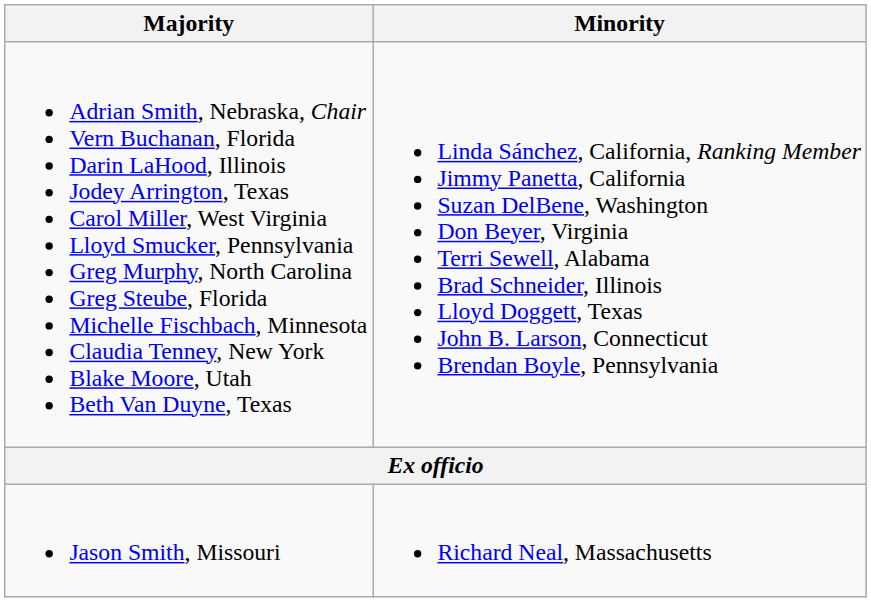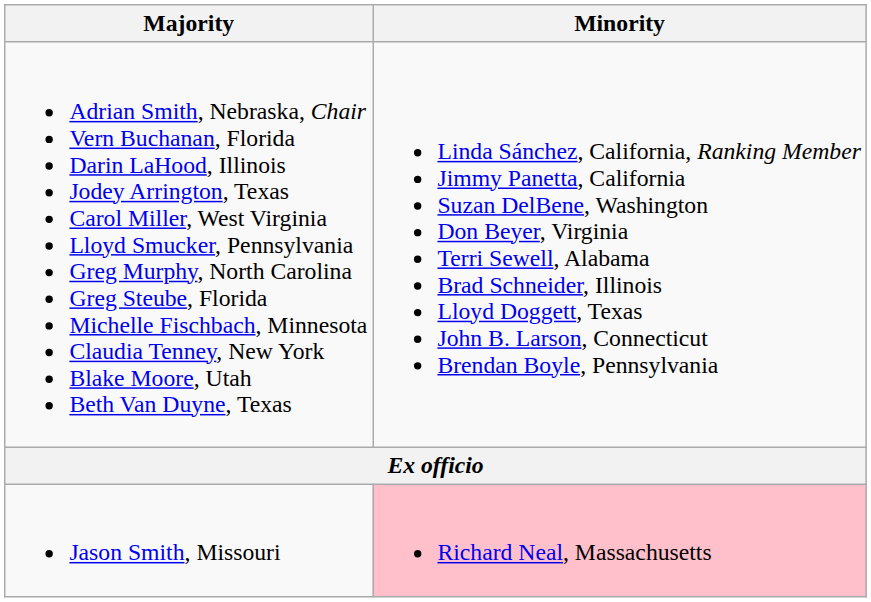 <table class=wikitable>
 <tr>
 <th>Majority</th>
 <th>Minority</th>
 </tr>
 <tr>
 <td><br><ul><li><a href='#'>Adrian Smith</a>, Nebraska, <em>Chair</em></li><li><a href='#'>Vern Buchanan</a>, Florida</li><li><a href='#'>Darin LaHood</a>, Illinois</li><li><a href='#'>Jodey Arrington</a>, Texas</li><li><a href='#'>Carol Miller</a>, West Virginia</li><li><a href='#'>Lloyd Smucker</a>, Pennsylvania</li><li><a href='#'>Greg Murphy</a>, North Carolina</li><li><a href='#'>Greg Steube</a>, Florida</li><li><a href='#'>Michelle Fischbach</a>, Minnesota</li><li><a href='#'>Claudia Tenney</a>, New York</li><li><a href='#'>Blake Moore</a>, Utah</li><li><a href='#'>Beth Van Duyne</a>, Texas</li></ul></td>
 <td><br><ul><li><a href='#'>Linda Sánchez</a>, California, <em>Ranking Member</em></li><li><a href='#'>Jimmy Panetta</a>, California</li><li><a href='#'>Suzan DelBene</a>, Washington</li><li><a href='#'>Don Beyer</a>, Virginia</li><li><a href='#'>Terri Sewell</a>, Alabama</li><li><a href='#'>Brad Schneider</a>, Illinois</li><li><a href='#'>Lloyd Doggett</a>, Texas</li><li><a href='#'>John B. Larson</a>, Connecticut</li><li><a href='#'>Brendan Boyle</a>, Pennsylvania</li></ul></td>
 </tr>
 <tr>
 <th colspan=2><em>Ex officio</em></th>
 </tr>
 <tr>
 <td><br><ul><li><a href='#'>Jason Smith</a>, Missouri</li></ul></td>
-<td><br><ul><li><a href='#'>Richard Neal</a>, Massachusetts</li></ul></td>
+<td style="background: pink;"><br><ul><li><a href='#'>Richard Neal</a>, Massachusetts</li></ul></td>
 </tr>
 </table>
